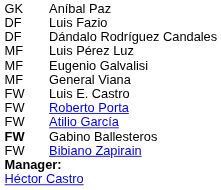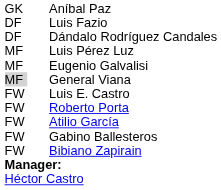 <table style="font-size:90%; margin:0.2em auto;" cellspacing="0" cellpadding="0">
 <tr>
 <th width="25"></th>
 <th width="25"></th>
 </tr>
 <tr>
 <td>GK</td>
 <td></td>
 <td> Aníbal Paz</td>
 </tr>
 <tr>
 <td>DF</td>
 <td></td>
 <td> Luis Fazio</td>
 </tr>
 <tr>
 <td>DF</td>
 <td></td>
 <td> Dándalo Rodríguez Candales</td>
 </tr>
 <tr>
 <td>MF</td>
 <td></td>
 <td> Luis Pérez Luz</td>
 </tr>
 <tr>
 <td>MF</td>
 <td></td>
 <td> Eugenio Galvalisi</td>
 </tr>
 <tr>
-<td>MF</td>
+<td style="background: lightgrey;">MF</td>
 <td></td>
 <td> General Viana</td>
 </tr>
 <tr>
 <td>FW</td>
 <td></td>
 <td> Luis E. Castro</td>
 </tr>
 <tr>
 <td>FW</td>
 <td></td>
 <td> <a href='#'>Roberto Porta</a></td>
 </tr>
 <tr>
 <td>FW</td>
 <td></td>
 <td> <a href='#'>Atilio García</a></td>
 </tr>
 <tr>
-<td><strong>FW</strong></td>
+<td>FW</td>
 <td></td>
 <td> Gabino Ballesteros</td>
 </tr>
 <tr>
 <td>FW</td>
 <td></td>
 <td> <a href='#'>Bibiano Zapirain</a></td>
 </tr>
 <tr>
 <td colspan=3><strong>Manager:</strong></td>
 </tr>
 <tr>
 <td colspan=4> <a href='#'>Héctor Castro</a></td>
 </tr>
 </table>
